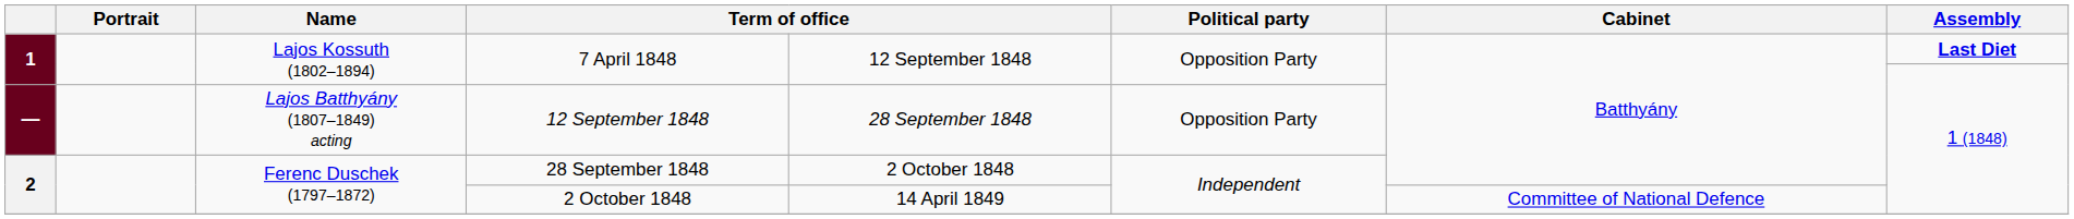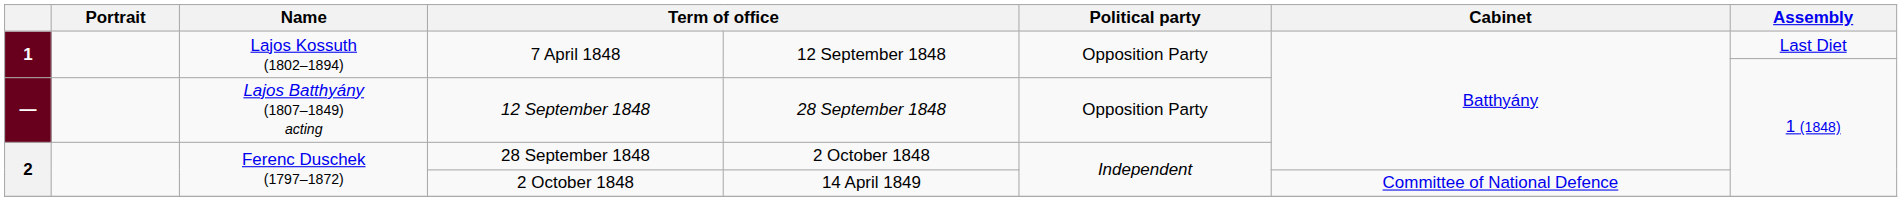 <table class="wikitable" style="width:90%; text-align:center;">
 <tr>
 <th></th>
 <th>Portrait</th>
 <th>Name<br></th>
 <th colspan=2>Term of office</th>
 <th>Political party</th>
 <th>Cabinet</th>
 <th><a href='#'>Assembly</a><br></th>
 </tr>
 <tr>
 <th rowspan="2" style="background-color:#68001D; color:white">1</th>
 <td rowspan="2"></td>
 <td rowspan="2"><a href='#'>Lajos Kossuth</a><br><small>(1802–1894)</small></td>
 <td rowspan="2">7 April 1848</td>
 <td rowspan="2">12 September 1848</td>
 <td rowspan="2">Opposition Party</td>
 <td rowspan="4"><a href='#'>Batthyány</a></td>
-<td><strong><a href='#'>Last Diet</a></strong></td>
+<td><a href='#'>Last Diet</a></td>
 </tr>
 <tr>
 <td rowspan="4"><a href='#'>1 <small>(1848)</small></a></td>
 </tr>
 <tr>
 <th style="background-color:#68001D; color:white">—</th>
 <td></td>
 <td><em><a href='#'>Lajos Batthyány</a></em><br><small>(1807–1849)<br><em>acting</em></small></td>
 <td><em>12 September 1848</em></td>
 <td><em>28 September 1848</em></td>
 <td>Opposition Party</td>
 </tr>
 <tr>
 <th rowspan="2" style="background:">2</th>
 <td rowspan="2"></td>
 <td rowspan="2"><a href='#'>Ferenc Duschek</a><br><small>(1797–1872)</small></td>
 <td>28 September 1848</td>
 <td>2 October 1848</td>
 <td rowspan="2"><em>Independent</em></td>
 </tr>
 <tr>
 <td>2 October 1848</td>
 <td>14 April 1849</td>
 <td><a href='#'>Committee of National Defence</a></td>
 </tr>
 <tr>
 </tr>
 </table>
